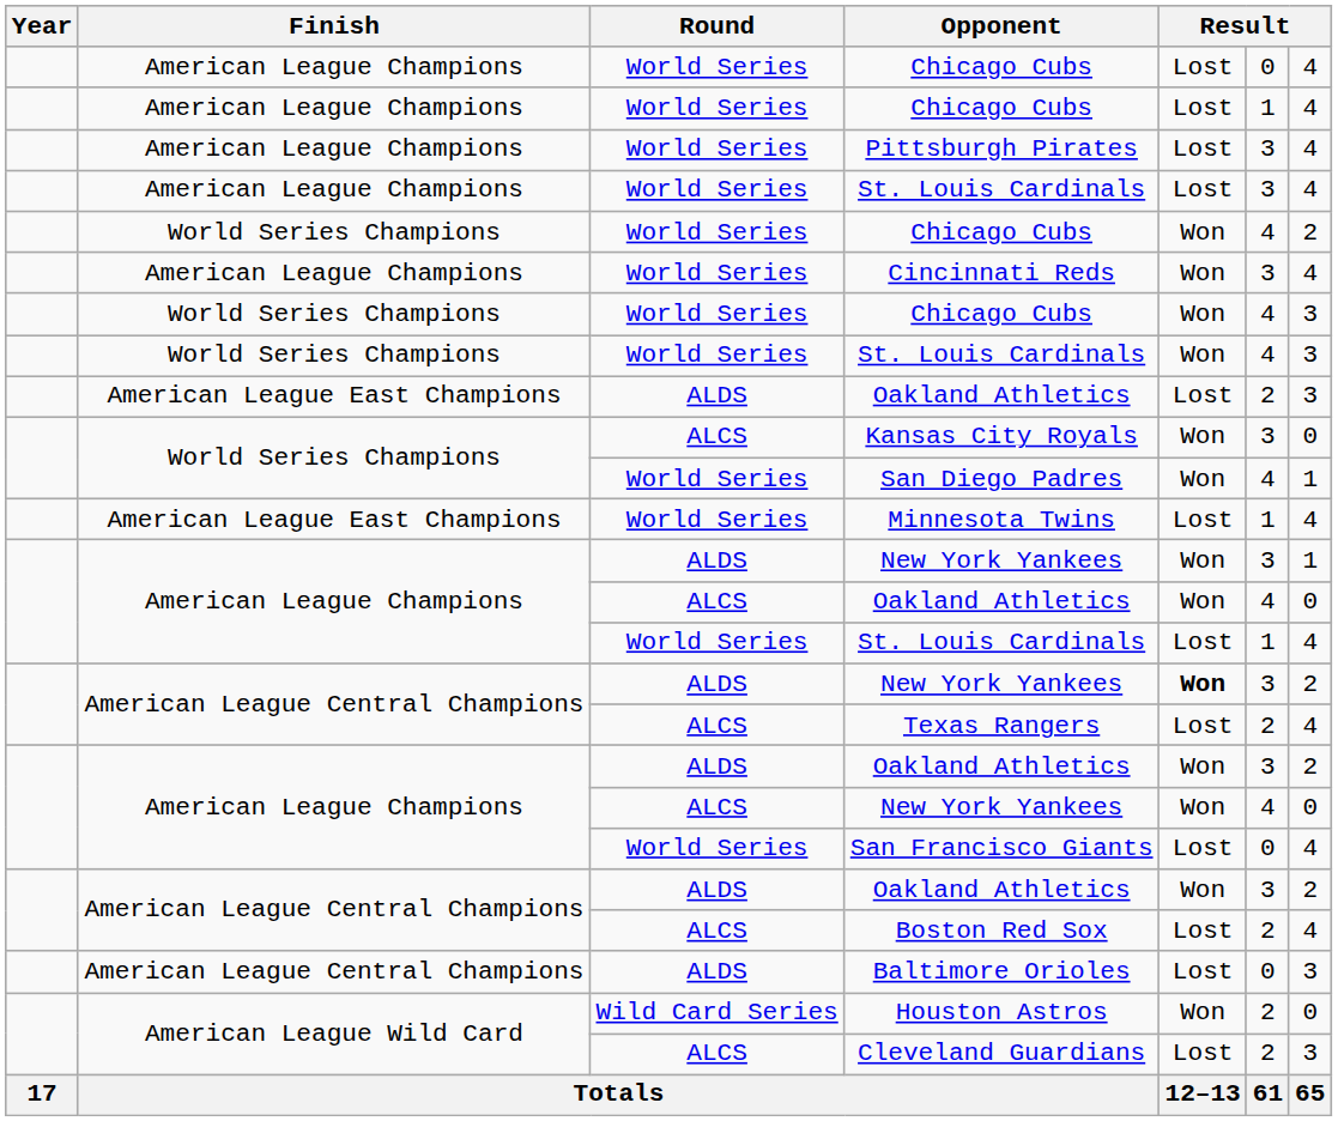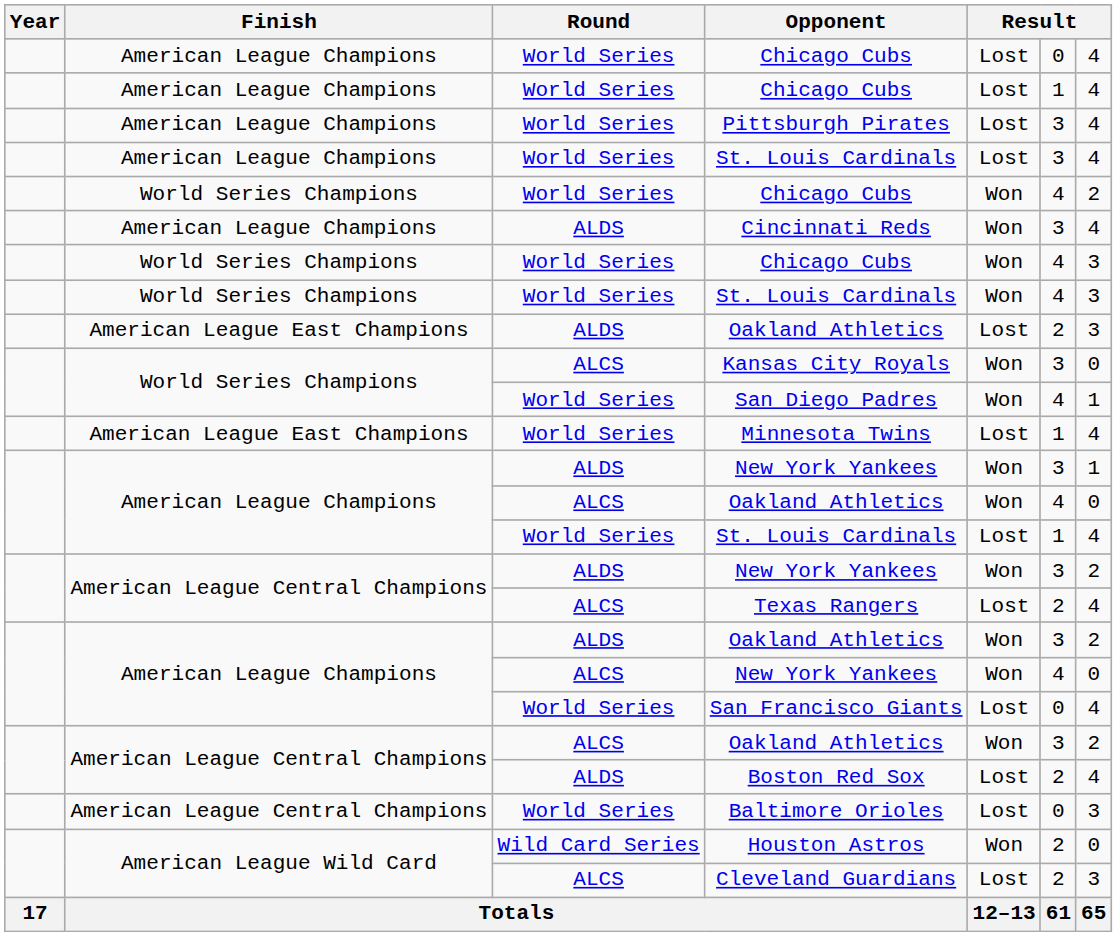 <table class="wikitable">
 <tr>
 <th colspan=1>Year</th>
 <th colspan=1>Finish</th>
 <th colspan=1>Round</th>
 <th colspan=1>Opponent</th>
 <th colspan=3>Result</th>
 </tr>
 <tr>
 <td align="center"></td>
 <td align="center">American League Champions</td>
 <td align="center"><a href='#'>World Series</a></td>
 <td align="center"><a href='#'>Chicago Cubs</a></td>
 <td align="center">Lost</td>
 <td align="center">0</td>
 <td align="center">4</td>
 </tr>
 <tr>
 <td align="center"></td>
 <td align="center">American League Champions</td>
 <td align="center"><a href='#'>World Series</a></td>
 <td align="center"><a href='#'>Chicago Cubs</a></td>
 <td align="center">Lost</td>
 <td align="center">1</td>
 <td align="center">4</td>
 </tr>
 <tr>
 <td align="center"></td>
 <td align="center">American League Champions</td>
 <td align="center"><a href='#'>World Series</a></td>
 <td align="center"><a href='#'>Pittsburgh Pirates</a></td>
 <td align="center">Lost</td>
 <td align="center">3</td>
 <td align="center">4</td>
 </tr>
 <tr>
 <td align="center"></td>
 <td align="center">American League Champions</td>
 <td align="center"><a href='#'>World Series</a></td>
 <td align="center"><a href='#'>St. Louis Cardinals</a></td>
 <td align="center">Lost</td>
 <td align="center">3</td>
 <td align="center">4</td>
 </tr>
 <tr>
 <td align="center"></td>
 <td align="center">World Series Champions</td>
 <td align="center"><a href='#'>World Series</a></td>
 <td align="center"><a href='#'>Chicago Cubs</a></td>
 <td align="center">Won</td>
 <td align="center">4</td>
 <td align="center">2</td>
 </tr>
 <tr>
 <td align="center"></td>
 <td align="center">American League Champions</td>
-<td align="center"><a href='#'>World Series</a></td>
+<td align="center"><a href='#'>ALDS</a></td>
 <td align="center"><a href='#'>Cincinnati Reds</a></td>
 <td align="center">Won</td>
 <td align="center">3</td>
 <td align="center">4</td>
 </tr>
 <tr>
 <td align="center"></td>
 <td align="center">World Series Champions</td>
 <td align="center"><a href='#'>World Series</a></td>
 <td align="center"><a href='#'>Chicago Cubs</a></td>
 <td align="center">Won</td>
 <td align="center">4</td>
 <td align="center">3</td>
 </tr>
 <tr>
 <td align="center"></td>
 <td align="center">World Series Champions</td>
 <td align="center"><a href='#'>World Series</a></td>
 <td align="center"><a href='#'>St. Louis Cardinals</a></td>
 <td align="center">Won</td>
 <td align="center">4</td>
 <td align="center">3</td>
 </tr>
 <tr>
 <td align="center"></td>
 <td align="center">American League East Champions</td>
 <td align="center"><a href='#'>ALDS</a></td>
 <td align="center"><a href='#'>Oakland Athletics</a></td>
 <td align="center">Lost</td>
 <td align="center">2</td>
 <td align="center">3</td>
 </tr>
 <tr>
 <td align="center" rowspan="2"></td>
 <td align="center" rowspan="2">World Series Champions</td>
 <td align="center"><a href='#'>ALCS</a></td>
 <td align="center"><a href='#'>Kansas City Royals</a></td>
 <td align="center">Won</td>
 <td align="center">3</td>
 <td align="center">0</td>
 </tr>
 <tr>
 <td align="center"><a href='#'>World Series</a></td>
 <td align="center"><a href='#'>San Diego Padres</a></td>
 <td align="center">Won</td>
 <td align="center">4</td>
 <td align="center">1</td>
 </tr>
 <tr>
 <td align="center"></td>
 <td align="center">American League East Champions</td>
 <td align="center"><a href='#'>World Series</a></td>
 <td align="center"><a href='#'>Minnesota Twins</a></td>
 <td align="center">Lost</td>
 <td align="center">1</td>
 <td align="center">4</td>
 </tr>
 <tr>
 <td align="center" rowspan="3"></td>
 <td align="center" rowspan="3">American League Champions</td>
 <td align="center"><a href='#'>ALDS</a></td>
 <td align="center"><a href='#'>New York Yankees</a></td>
 <td align="center">Won</td>
 <td align="center">3</td>
 <td align="center">1</td>
 </tr>
 <tr>
 <td align="center"><a href='#'>ALCS</a></td>
 <td align="center"><a href='#'>Oakland Athletics</a></td>
 <td align="center">Won</td>
 <td align="center">4</td>
 <td align="center">0</td>
 </tr>
 <tr>
 <td align="center"><a href='#'>World Series</a></td>
 <td align="center"><a href='#'>St. Louis Cardinals</a></td>
 <td align="center">Lost</td>
 <td align="center">1</td>
 <td align="center">4</td>
 </tr>
 <tr>
 <td align="center" rowspan="2"></td>
 <td align="center" rowspan="2">American League Central Champions</td>
 <td align="center"><a href='#'>ALDS</a></td>
 <td align="center"><a href='#'>New York Yankees</a></td>
-<td align="center"><strong>Won</strong></td>
+<td align="center">Won</td>
 <td align="center">3</td>
 <td align="center">2</td>
 </tr>
 <tr>
 <td align="center"><a href='#'>ALCS</a></td>
 <td align="center"><a href='#'>Texas Rangers</a></td>
 <td align="center">Lost</td>
 <td align="center">2</td>
 <td align="center">4</td>
 </tr>
 <tr>
 <td align="center" rowspan="3"></td>
 <td align="center" rowspan="3">American League Champions</td>
 <td align="center"><a href='#'>ALDS</a></td>
 <td align="center"><a href='#'>Oakland Athletics</a></td>
 <td align="center">Won</td>
 <td align="center">3</td>
 <td align="center">2</td>
 </tr>
 <tr>
 <td align="center"><a href='#'>ALCS</a></td>
 <td align="center"><a href='#'>New York Yankees</a></td>
 <td align="center">Won</td>
 <td align="center">4</td>
 <td align="center">0</td>
 </tr>
 <tr>
 <td align="center"><a href='#'>World Series</a></td>
 <td align="center"><a href='#'>San Francisco Giants</a></td>
 <td align="center">Lost</td>
 <td align="center">0</td>
 <td align="center">4</td>
 </tr>
 <tr>
 <td align="center" rowspan="2"></td>
 <td align="center" rowspan="2">American League Central Champions</td>
-<td align="center"><a href='#'>ALDS</a></td>
+<td align="center"><a href='#'>ALCS</a></td>
 <td align="center"><a href='#'>Oakland Athletics</a></td>
 <td align="center">Won</td>
 <td align="center">3</td>
 <td align="center">2</td>
 </tr>
 <tr>
-<td align="center"><a href='#'>ALCS</a></td>
+<td align="center"><a href='#'>ALDS</a></td>
 <td align="center"><a href='#'>Boston Red Sox</a></td>
 <td align="center">Lost</td>
 <td align="center">2</td>
 <td align="center">4</td>
 </tr>
 <tr>
 <td align="center"></td>
 <td align="center">American League Central Champions</td>
-<td align="center"><a href='#'>ALDS</a></td>
+<td align="center"><a href='#'>World Series</a></td>
 <td align="center"><a href='#'>Baltimore Orioles</a></td>
 <td align="center">Lost</td>
 <td align="center">0</td>
 <td align="center">3</td>
 </tr>
 <tr>
 <td align="center" rowspan="2"></td>
 <td align="center" rowspan="2">American League Wild Card</td>
 <td align="center"><a href='#'>Wild Card Series</a></td>
 <td align="center"><a href='#'>Houston Astros</a></td>
 <td align="center">Won</td>
 <td align="center">2</td>
 <td align="center">0</td>
 </tr>
 <tr>
 <td align="center"><a href='#'>ALCS</a></td>
 <td align="center"><a href='#'>Cleveland Guardians</a></td>
 <td align="center">Lost</td>
 <td align="center">2</td>
 <td align="center">3</td>
 </tr>
 <tr>
 <th align="center">17</th>
 <th colspan="3">Totals</th>
 <th>12–13</th>
 <th>61</th>
 <th>65</th>
 </tr>
 </table>
